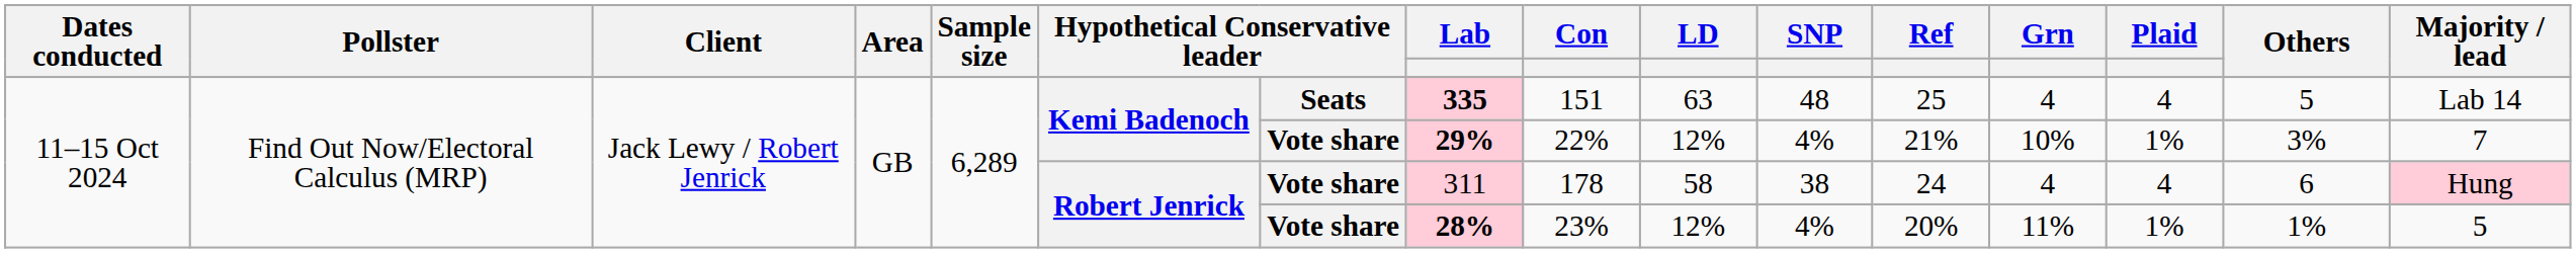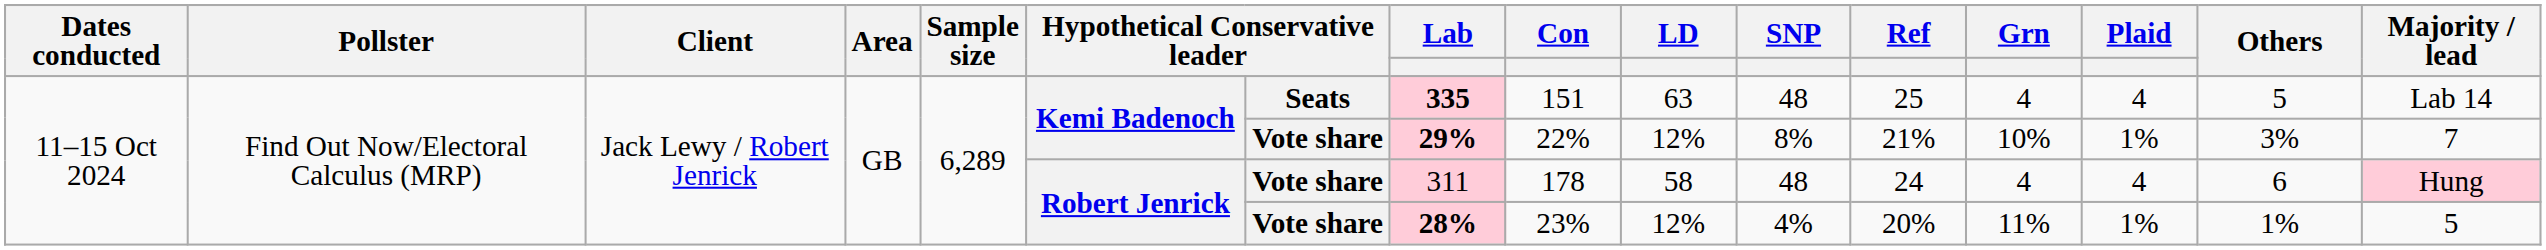 <table class="wikitable mw-datatable" style="text-align:center; font-size:90%; line-height:14px;">
 <tr>
 <th rowspan="2" class="unsortable">Dates<br>conducted</th>
 <th rowspan="2" class="unsortable">Pollster</th>
 <th rowspan="2" class="unsortable">Client</th>
 <th rowspan="2" class="unsortable">Area</th>
 <th rowspan="2" class="unsortable" data-sort-type="number">Sample<br>size</th>
 <th colspan="2" rowspan="2" class="unsortable">Hypothetical Conservative leader</th>
 <th class="unsortable" style="width:50px;"><a href='#'>Lab</a></th>
 <th class="unsortable" style="width:50px;"><a href='#'>Con</a></th>
 <th class="unsortable" style="width:50px;"><a href='#'>LD</a></th>
 <th class="unsortable" style="width:50px;"><a href='#'>SNP</a></th>
 <th class="unsortable" style="width:50px;"><a href='#'>Ref</a></th>
 <th class="unsortable" style="width:50px;"><a href='#'>Grn</a></th>
 <th class="unsortable" style="width:50px;"><a href='#'>Plaid</a></th>
 <th rowspan="2" class="unsortable" style="width:75px;">Others</th>
 <th rowspan="2" data-sort-type="number">Majority / lead</th>
 </tr>
 <tr>
 <th data-sort-type="number" style="background:"></th>
 <th data-sort-type="number" style="background:"></th>
 <th data-sort-type="number" style="background:"></th>
 <th data-sort-type="number" style="background:"></th>
 <th data-sort-type="number" style="background:"></th>
 <th data-sort-type="number" style="background:"></th>
 <th data-sort-type="number" style="background:"></th>
 </tr>
 <tr>
 <td rowspan="4" data-sort-value="2024-10-15">11–15 Oct 2024</td>
 <td rowspan="4">Find Out Now/Electoral Calculus (MRP)</td>
 <td rowspan="4">Jack Lewy / <a href='#'>Robert Jenrick</a></td>
 <td rowspan="4">GB</td>
 <td rowspan="4">6,289</td>
 <th rowspan="2"><a href='#'>Kemi Badenoch</a></th>
 <th>Seats</th>
 <td style="background:#ffccd9; color:black;"><strong>335</strong></td>
 <td>151</td>
 <td>63</td>
 <td>48</td>
 <td>25</td>
 <td>4</td>
 <td>4</td>
 <td>5</td>
 <td style="background:">Lab 14</td>
 </tr>
 <tr>
 <th>Vote share</th>
 <td style="background:#ffccd9; color:black;"><strong>29%</strong></td>
 <td>22%</td>
 <td>12%</td>
-<td>4%</td>
+<td>8%</td>
 <td>21%</td>
 <td>10%</td>
 <td>1%</td>
 <td>3%</td>
 <td style="background:">7</td>
 </tr>
 <tr>
 <th rowspan="2"><a href='#'>Robert Jenrick</a></th>
 <th>Vote share</th>
 <td style="background:#ffccd9; color:black;">311</td>
 <td>178</td>
 <td>58</td>
-<td>38</td>
+<td>48</td>
 <td>24</td>
 <td>4</td>
 <td>4</td>
 <td>6</td>
 <td style="background:#ffccd9; ">Hung </td>
 </tr>
 <tr>
 <th>Vote share</th>
 <td style="background:#ffccd9; color:black;"><strong>28%</strong></td>
 <td>23%</td>
 <td>12%</td>
 <td>4%</td>
 <td>20%</td>
 <td>11%</td>
 <td>1%</td>
 <td>1%</td>
 <td style="background:">5</td>
 </tr>
 </table>
